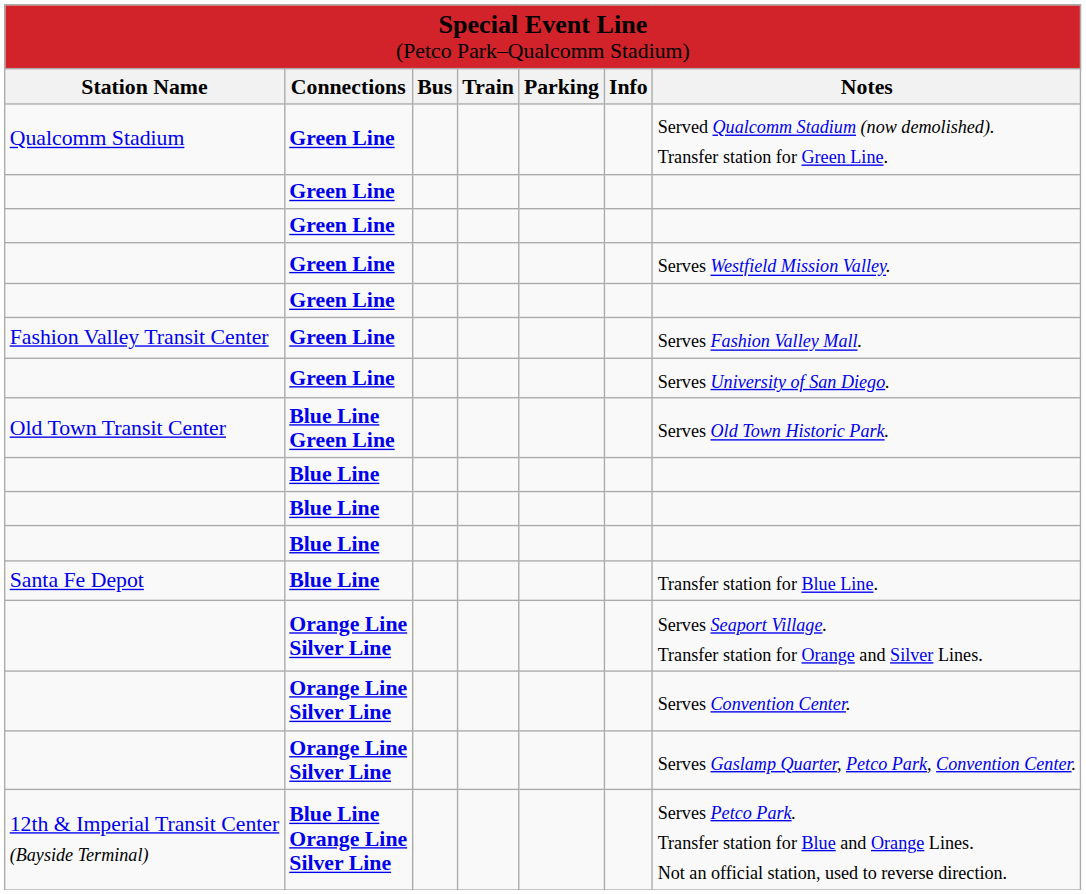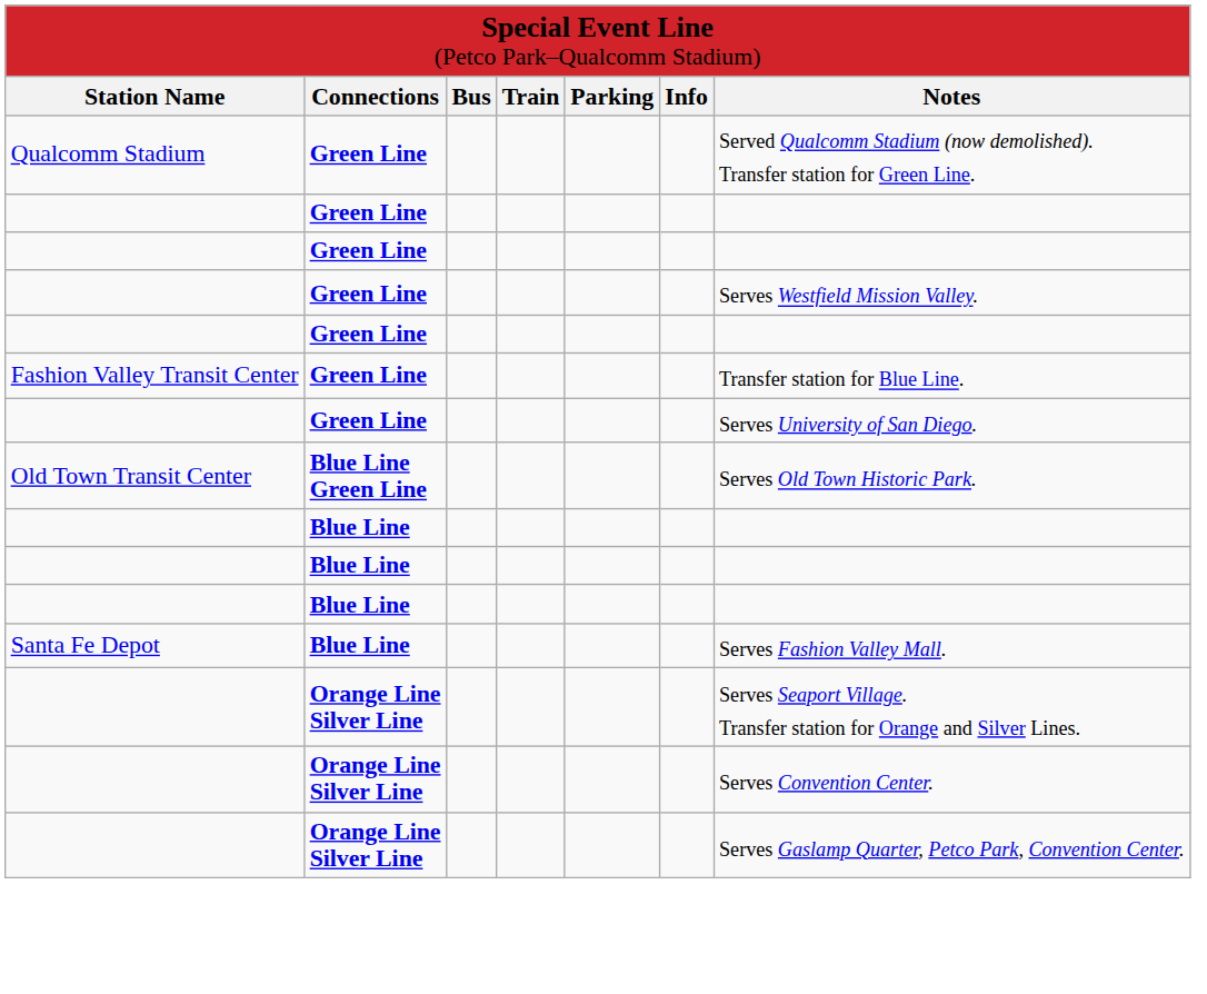 <table class="wikitable" border="1">
 <tr bgcolor=d2232a>
 <td colspan=7 align=center><strong><big><span>Special Event Line</span></big></strong> <br> (Petco Park–Qualcomm Stadium)</td>
 </tr>
 <tr>
 <th>Station Name</th>
 <th>Connections</th>
 <th>Bus</th>
 <th>Train</th>
 <th>Parking</th>
 <th>Info</th>
 <th>Notes</th>
 </tr>
 <tr>
 <td><a href='#'>Qualcomm Stadium</a></td>
 <td><strong><a href='#'><span>Green Line</span></a></strong></td>
 <td></td>
 <td></td>
 <td></td>
 <td></td>
 <td><sub>Served <em><a href='#'>Qualcomm Stadium</a> (now demolished).</em></sub><br><sub>Transfer station for <a href='#'>Green Line</a>. </sub></td>
 </tr>
 <tr>
 <td></td>
 <td><strong><a href='#'><span>Green Line</span></a></strong></td>
 <td></td>
 <td></td>
 <td></td>
 <td></td>
 <td></td>
 </tr>
 <tr>
 <td></td>
 <td><strong><a href='#'><span>Green Line</span></a></strong></td>
 <td></td>
 <td></td>
 <td></td>
 <td></td>
 <td></td>
 </tr>
 <tr>
 <td></td>
 <td><strong><a href='#'><span>Green Line</span></a></strong></td>
 <td></td>
 <td></td>
 <td></td>
 <td></td>
 <td><sub>Serves <em><a href='#'>Westfield Mission Valley</a>.</em></sub></td>
 </tr>
 <tr>
 <td></td>
 <td><strong><a href='#'><span>Green Line</span></a></strong></td>
 <td></td>
 <td></td>
 <td></td>
 <td></td>
 <td></td>
 </tr>
 <tr>
 <td><a href='#'>Fashion Valley Transit Center</a></td>
 <td><strong><a href='#'><span>Green Line</span></a></strong></td>
 <td></td>
 <td></td>
 <td></td>
 <td></td>
-<td><sub>Serves <em><a href='#'>Fashion Valley Mall</a>.</em></sub></td>
+<td><sub>Transfer station for <a href='#'>Blue Line</a>. </sub></td>
 </tr>
 <tr>
 <td></td>
 <td><strong><a href='#'><span>Green Line</span></a></strong></td>
 <td></td>
 <td></td>
 <td></td>
 <td></td>
 <td><sub>Serves <em><a href='#'>University of San Diego</a>.</em></sub></td>
 </tr>
 <tr>
 <td><a href='#'>Old Town Transit Center</a></td>
 <td> <strong><a href='#'><span>Blue Line</span></a></strong> <br>  <strong><a href='#'><span>Green Line</span></a></strong></td>
 <td></td>
 <td></td>
 <td></td>
 <td></td>
 <td><sub>Serves <em><a href='#'>Old Town Historic Park</a>.</em></sub></td>
 </tr>
 <tr>
 <td></td>
 <td> <strong><a href='#'><span>Blue Line</span></a></strong></td>
 <td></td>
 <td></td>
 <td></td>
 <td></td>
 <td></td>
 </tr>
 <tr>
 <td></td>
 <td> <strong><a href='#'><span>Blue Line</span></a></strong></td>
 <td></td>
 <td></td>
 <td></td>
 <td></td>
 <td></td>
 </tr>
 <tr>
 <td></td>
 <td> <strong><a href='#'><span>Blue Line</span></a></strong></td>
 <td></td>
 <td></td>
 <td></td>
 <td></td>
 <td></td>
 </tr>
 <tr>
 <td><a href='#'>Santa Fe Depot</a></td>
 <td> <strong><a href='#'><span>Blue Line</span></a></strong></td>
 <td></td>
 <td></td>
 <td></td>
 <td></td>
-<td><sub>Transfer station for <a href='#'>Blue Line</a>. </sub></td>
+<td><sub>Serves <em><a href='#'>Fashion Valley Mall</a>.</em></sub></td>
 </tr>
 <tr>
 <td></td>
 <td> <strong><a href='#'><span>Orange Line</span></a> </strong> <br>  <strong><a href='#'><span>Silver Line</span></a></strong></td>
 <td></td>
 <td></td>
 <td></td>
 <td></td>
 <td><sub>Serves <em><a href='#'>Seaport Village</a>.</em></sub><br><sub>Transfer station for <a href='#'>Orange</a> and <a href='#'>Silver</a> Lines. </sub></td>
 </tr>
 <tr>
 <td></td>
 <td> <strong><a href='#'><span>Orange Line</span></a></strong> <br>  <strong><a href='#'><span>Silver Line</span></a></strong></td>
 <td></td>
 <td></td>
 <td></td>
 <td></td>
 <td><sub>Serves <em><a href='#'>Convention Center</a>.</em></sub></td>
 </tr>
 <tr>
 <td></td>
 <td> <strong><a href='#'><span>Orange Line</span></a></strong> <br>  <strong><a href='#'><span>Silver Line</span></a></strong></td>
 <td></td>
 <td></td>
 <td></td>
 <td></td>
 <td><sub>Serves <em><a href='#'>Gaslamp Quarter</a>, <a href='#'>Petco Park</a>, <a href='#'>Convention Center</a>.</em></sub></td>
 </tr>
-<tr>
-<td><a href='#'>12th & Imperial Transit Center</a> <br> <sub><em>(Bayside Terminal)</em></sub></td>
-<td> <strong><a href='#'><span>Blue Line</span></a></strong> <br>  <strong><a href='#'><span>Orange Line</span></a></strong> <br>  <strong><a href='#'><span>Silver Line</span></a></strong></td>
-<td></td>
-<td></td>
-<td></td>
-<td></td>
-<td><sub>Serves <em><a href='#'>Petco Park</a>.</em></sub><br><sub> Transfer station for <a href='#'>Blue</a> and <a href='#'>Orange</a> Lines. <br> Not an official station, used to reverse direction. </sub></td>
-</tr>
 </table>
